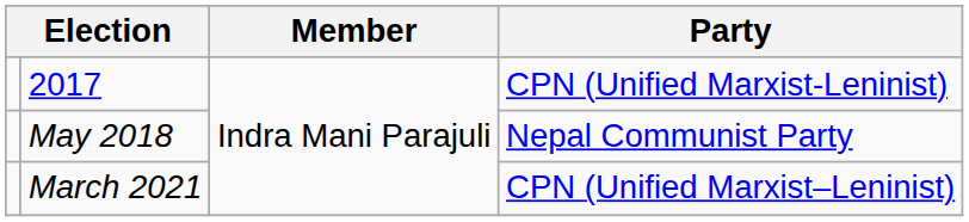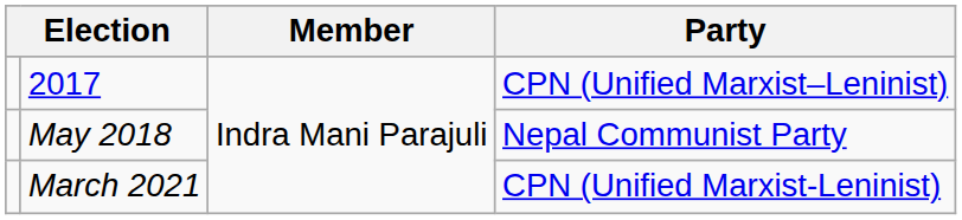 <table class="wikitable">
 <tr>
 <th colspan="2">Election</th>
 <th>Member</th>
 <th>Party</th>
 </tr>
 <tr>
 <td style="background-color:"></td>
 <td><a href='#'>2017</a></td>
 <td rowspan="3">Indra Mani Parajuli</td>
-<td><a href='#'>CPN (Unified Marxist-Leninist)</a></td>
+<td><a href='#'>CPN (Unified Marxist–Leninist)</a></td>
 </tr>
 <tr>
 <td style="background-color:"></td>
 <td><em>May 2018</em></td>
 <td><a href='#'>Nepal Communist Party</a></td>
 </tr>
 <tr>
 <td style="background-color:"></td>
 <td><em>March 2021</em></td>
-<td><a href='#'>CPN (Unified Marxist–Leninist)</a></td>
+<td><a href='#'>CPN (Unified Marxist-Leninist)</a></td>
 </tr>
 </table>
